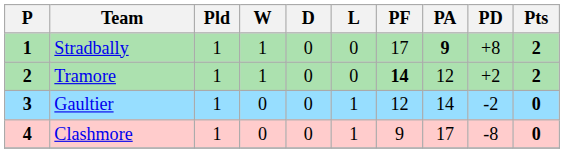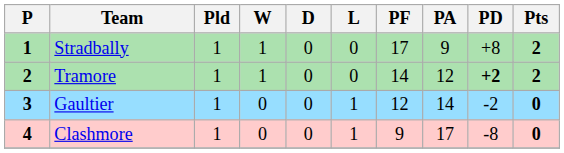 <table class="wikitable" style="text-align: center;">
 <tr>
 <th width=33>P</th>
 <th width=120>Team</th>
 <th width=33>Pld</th>
 <th width=33>W</th>
 <th width=33>D</th>
 <th width=33>L</th>
 <th width=33>PF</th>
 <th width=33>PA</th>
 <th width=33>PD</th>
 <th width=33>Pts</th>
 </tr>
 <tr style="background: #ACE1AF;">
 <td><strong>1</strong></td>
 <td align="left"><a href='#'>Stradbally</a></td>
 <td>1</td>
 <td>1</td>
 <td>0</td>
 <td>0</td>
 <td>17</td>
-<td><strong>9</strong></td>
+<td>9</td>
 <td>+8</td>
 <td><strong>2</strong></td>
 </tr>
 <tr style="background: #ACE1AF;">
 <td><strong>2</strong></td>
 <td align="left"><a href='#'>Tramore</a></td>
 <td>1</td>
 <td>1</td>
 <td>0</td>
 <td>0</td>
-<td><strong>14</strong></td>
+<td>14</td>
 <td>12</td>
-<td>+2</td>
+<td><strong>+2</strong></td>
 <td><strong>2</strong></td>
 </tr>
 <tr style="background: #97DEFF;">
 <td><strong>3</strong></td>
 <td align="left"><a href='#'>Gaultier</a></td>
 <td>1</td>
 <td>0</td>
 <td>0</td>
 <td>1</td>
 <td>12</td>
 <td>14</td>
 <td>-2</td>
 <td><strong>0</strong></td>
 </tr>
 <tr style="background:#FFCCCC">
 <td><strong>4</strong></td>
 <td align="left"><a href='#'>Clashmore</a></td>
 <td>1</td>
 <td>0</td>
 <td>0</td>
 <td>1</td>
 <td>9</td>
 <td>17</td>
 <td>-8</td>
 <td><strong>0</strong></td>
 </tr>
 <tr style="background:#FFCCCC">
 </tr>
 </table>
